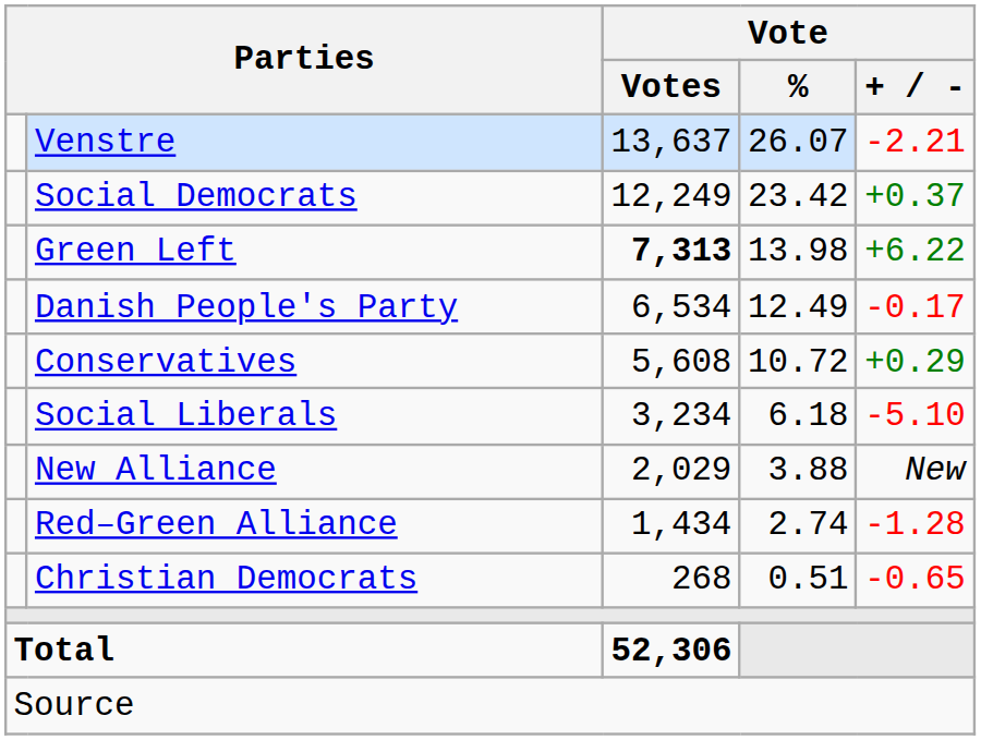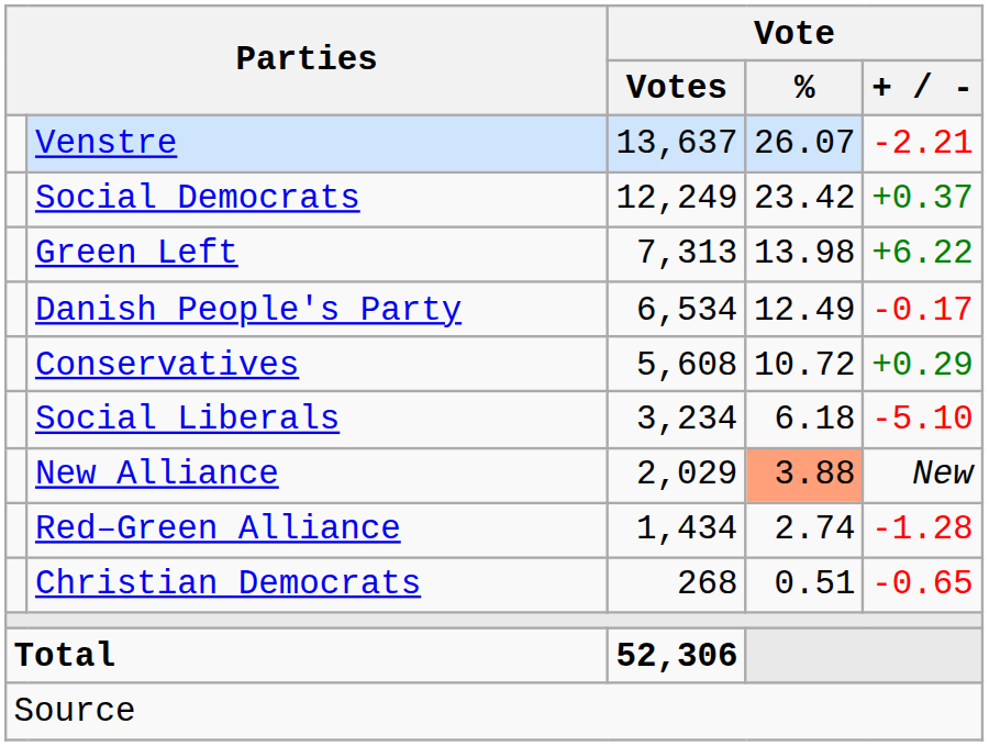 <table class="wikitable" style="text-align:right;">
 <tr>
 <th style="text-align:centre;" rowspan="2" colspan="2" width="225">Parties</th>
 <th colspan="3">Vote</th>
 </tr>
 <tr>
 <th width="15">Votes</th>
 <th width="15">%</th>
 <th width="15">+ / -</th>
 </tr>
 <tr>
 <td width="2" style="color:inherit;background:"></td>
 <td bgcolor=#cfe5fe  align="left"><a href='#'>Venstre</a></td>
 <td bgcolor=#cfe5fe>13,637</td>
 <td bgcolor=#cfe5fe>26.07</td>
 <td style=color:red;>-2.21</td>
 </tr>
 <tr>
 <td width="2" style="color:inherit;background:"></td>
 <td align="left"><a href='#'>Social Democrats</a></td>
 <td>12,249</td>
 <td>23.42</td>
 <td style=color:green;>+0.37</td>
 </tr>
 <tr>
 <td width="2" style="color:inherit;background:"></td>
 <td align="left"><a href='#'>Green Left</a></td>
-<td><strong>7,313</strong></td>
+<td>7,313</td>
 <td>13.98</td>
 <td style=color:green;>+6.22</td>
 </tr>
 <tr>
 <td width="2" style="color:inherit;background:"></td>
 <td align="left"><a href='#'>Danish People's Party</a></td>
 <td>6,534</td>
 <td>12.49</td>
 <td style=color:red;>-0.17</td>
 </tr>
 <tr>
 <td width="2" style="color:inherit;background:"></td>
 <td align="left"><a href='#'>Conservatives</a></td>
 <td>5,608</td>
 <td>10.72</td>
 <td style=color:green;>+0.29</td>
 </tr>
 <tr>
 <td width="2" style="color:inherit;background:"></td>
 <td align="left"><a href='#'>Social Liberals</a></td>
 <td>3,234</td>
 <td>6.18</td>
 <td style=color:red;>-5.10</td>
 </tr>
 <tr>
 <td width="2" style="color:inherit;background:"></td>
 <td align="left"><a href='#'>New Alliance</a></td>
 <td>2,029</td>
-<td>3.88</td>
+<td style="background: lightsalmon;">3.88</td>
 <td><em>New</em></td>
 </tr>
 <tr>
 <td width="2" style="color:inherit;background:"></td>
 <td align="left"><a href='#'>Red–Green Alliance</a></td>
 <td>1,434</td>
 <td>2.74</td>
 <td style=color:red;>-1.28</td>
 </tr>
 <tr>
 <td width="2" style="color:inherit;background:"></td>
 <td align="left"><a href='#'>Christian Democrats</a></td>
 <td>268</td>
 <td>0.51</td>
 <td style=color:red;>-0.65</td>
 </tr>
 <tr>
 <td colspan="7" bgcolor="#E9E9E9"></td>
 </tr>
 <tr>
 <td align="left" colspan="2"><strong>Total</strong></td>
 <td><strong>52,306</strong></td>
 <td bgcolor="#E9E9E9" colspan="2"></td>
 </tr>
 <tr>
 <td align="left" colspan="6">Source</td>
 </tr>
 </table>
